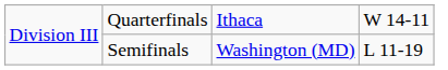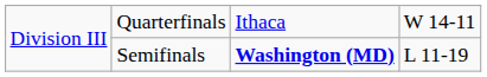 <table class="wikitable">
 <tr>
 <td rowspan="2"><a href='#'>Division III</a></td>
 <td>Quarterfinals</td>
 <td><a href='#'>Ithaca</a></td>
 <td>W 14-11</td>
 </tr>
 <tr>
 <td>Semifinals</td>
-<td><a href='#'>Washington (MD)</a></td>
+<td><strong><a href='#'>Washington (MD)</a></strong></td>
 <td>L 11-19</td>
 </tr>
 </table>
